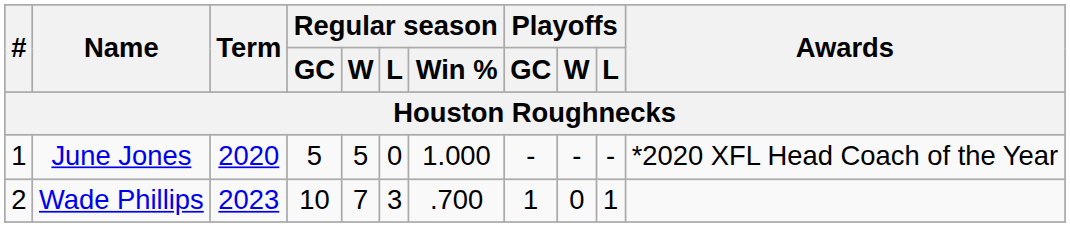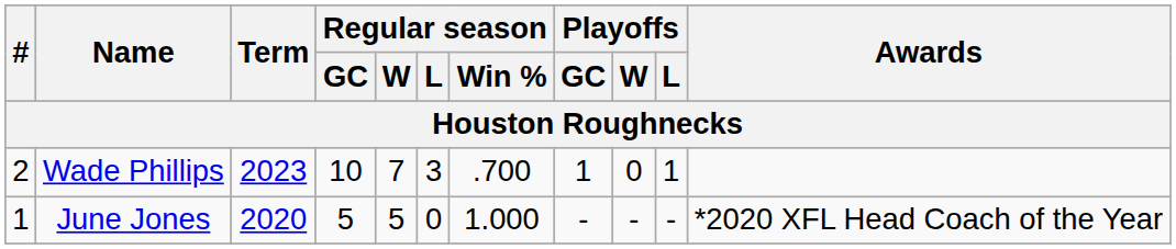 <table class="wikitable" style="text-align:center">
 <tr>
 <th rowspan="2">#</th>
 <th rowspan="2">Name</th>
 <th rowspan="2">Term</th>
 <th colspan="4">Regular season</th>
 <th colspan="3">Playoffs</th>
 <th rowspan="2">Awards</th>
 </tr>
 <tr>
 <th>GC</th>
 <th>W</th>
 <th>L</th>
 <th>Win %</th>
 <th>GC</th>
 <th>W</th>
 <th>L</th>
 </tr>
 <tr>
 <th colspan="11">Houston Roughnecks</th>
 </tr>
 <tr>
+<td>2</td>
+<td><a href='#'>Wade Phillips</a></td>
+<td><a href='#'>2023</a></td>
+<td>10</td>
+<td>7</td>
+<td>3</td>
+<td>.700</td>
+<td>1</td>
+<td>0</td>
+<td>1</td>
+<td></td>
+</tr>
+<tr>
 <td>1</td>
 <td><a href='#'>June Jones</a></td>
 <td><a href='#'>2020</a></td>
 <td>5</td>
 <td>5</td>
 <td>0</td>
 <td>1.000</td>
 <td>-</td>
 <td>-</td>
 <td>-</td>
 <td>*2020 XFL Head Coach of the Year</td>
 </tr>
-<tr>
-<td>2</td>
-<td><a href='#'>Wade Phillips</a></td>
-<td><a href='#'>2023</a></td>
-<td>10</td>
-<td>7</td>
-<td>3</td>
-<td>.700</td>
-<td>1</td>
-<td>0</td>
-<td>1</td>
-<td></td>
-</tr>
 </table>
